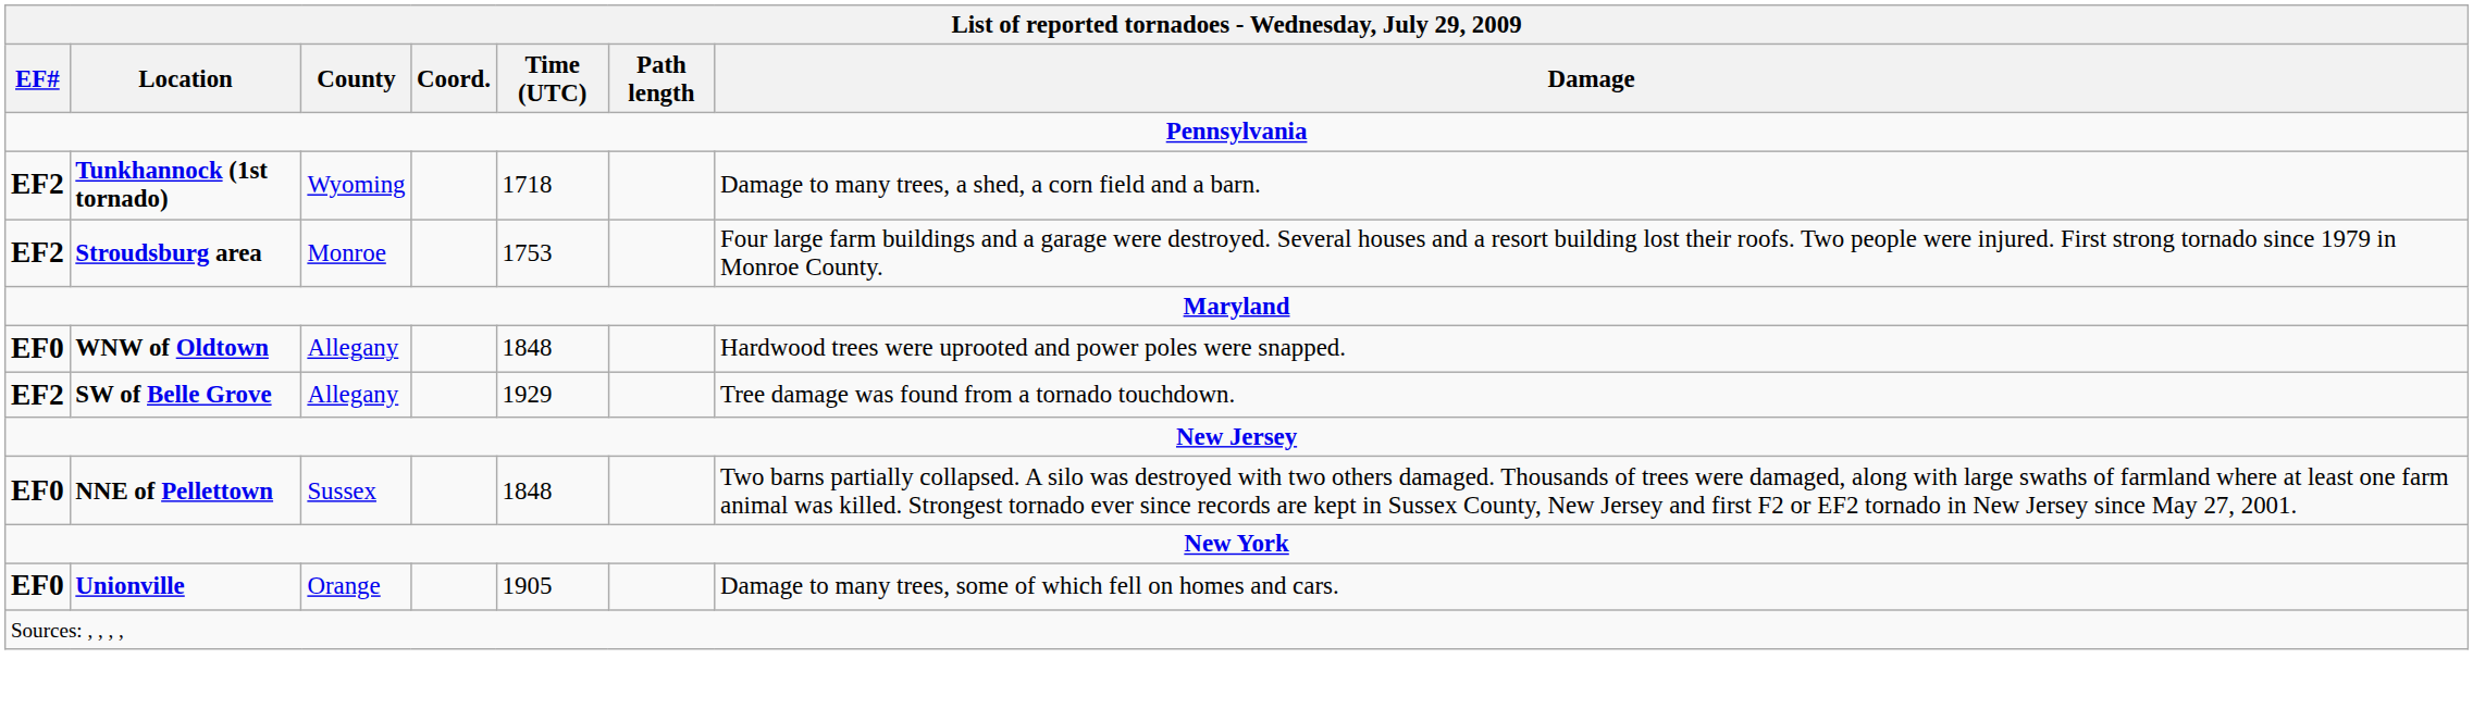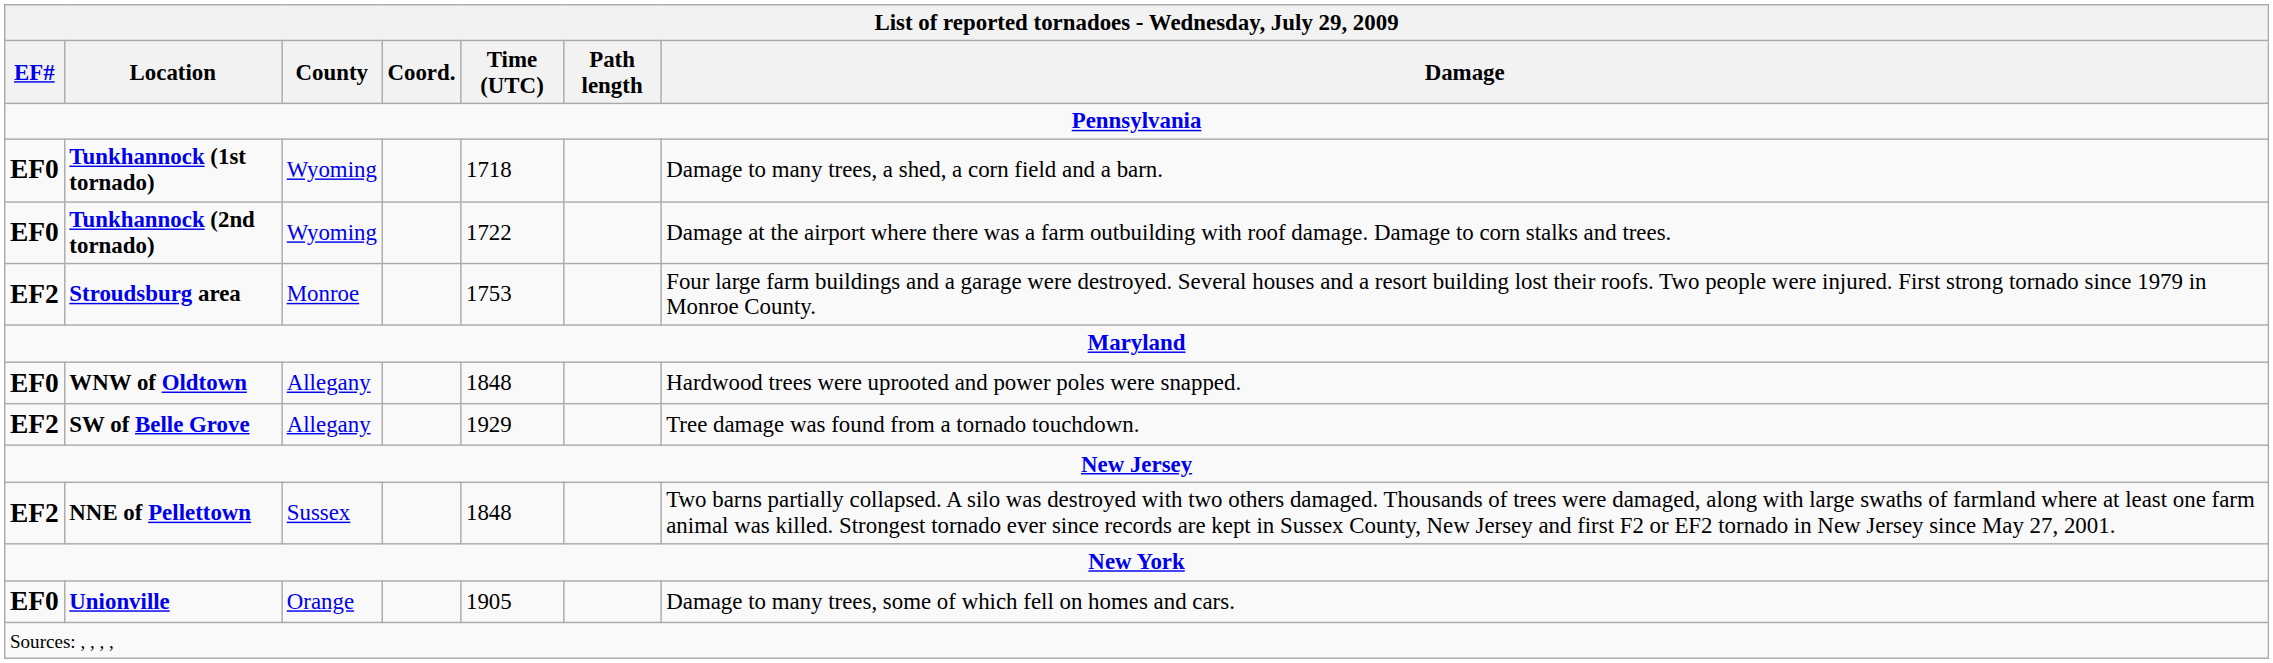 <table class="wikitable collapsible" style="width:100%;">
 <tr>
 <th colspan="7">List of reported tornadoes - Wednesday, July 29, 2009</th>
 </tr>
 <tr>
 <th><a href='#'>EF#</a></th>
 <th>Location</th>
 <th>County</th>
 <th>Coord.</th>
 <th>Time (UTC)</th>
 <th>Path length</th>
 <th>Damage</th>
 </tr>
 <tr>
 <td colspan="7" style="text-align:center;"><strong><a href='#'>Pennsylvania</a></strong></td>
 </tr>
 <tr>
-<td><big><strong>EF2</strong></big></td>
+<td><big><strong>EF0</strong></big></td>
 <td><strong><a href='#'>Tunkhannock</a> (1st tornado)</strong></td>
 <td><a href='#'>Wyoming</a></td>
 <td></td>
 <td>1718</td>
 <td></td>
 <td>Damage to many trees, a shed, a corn field and a barn.</td>
+</tr>
+<tr>
+<td><big><strong>EF0</strong></big></td>
+<td><strong><a href='#'>Tunkhannock</a> (2nd tornado)</strong></td>
+<td><a href='#'>Wyoming</a></td>
+<td></td>
+<td>1722</td>
+<td></td>
+<td>Damage at the airport where there was a farm outbuilding with roof damage. Damage to corn stalks and trees.</td>
 </tr>
 <tr>
 <td><big><strong>EF2</strong></big></td>
 <td><strong><a href='#'>Stroudsburg</a> area</strong></td>
 <td><a href='#'>Monroe</a></td>
 <td></td>
 <td>1753</td>
 <td></td>
 <td>Four large farm buildings and a garage were destroyed. Several houses and a resort building lost their roofs. Two people were injured. First strong tornado since 1979 in Monroe County.</td>
 </tr>
 <tr>
 <td colspan="7" style="text-align:center;"><strong><a href='#'>Maryland</a></strong></td>
 </tr>
 <tr>
 <td><big><strong>EF0</strong></big></td>
 <td><strong>WNW of <a href='#'>Oldtown</a></strong></td>
 <td><a href='#'>Allegany</a></td>
 <td></td>
 <td>1848</td>
 <td></td>
 <td>Hardwood trees were uprooted and power poles were snapped.</td>
 </tr>
 <tr>
 <td><big><strong>EF2</strong></big></td>
 <td><strong>SW of <a href='#'>Belle Grove</a></strong></td>
 <td><a href='#'>Allegany</a></td>
 <td></td>
 <td>1929</td>
 <td></td>
 <td>Tree damage was found from a tornado touchdown.</td>
 </tr>
 <tr>
 <td colspan="7" style="text-align:center;"><strong><a href='#'>New Jersey</a></strong></td>
 </tr>
 <tr>
-<td><big><strong>EF0</strong></big></td>
+<td><big><strong>EF2</strong></big></td>
 <td><strong>NNE of <a href='#'>Pellettown</a></strong></td>
 <td><a href='#'>Sussex</a></td>
 <td></td>
 <td>1848</td>
 <td></td>
 <td>Two barns partially collapsed. A silo was destroyed with two others damaged. Thousands of trees were damaged, along with large swaths of farmland where at least one farm animal was killed. Strongest tornado ever since records are kept in Sussex County, New Jersey and first F2 or EF2 tornado in New Jersey since May 27, 2001.</td>
 </tr>
 <tr>
 <td colspan="7" style="text-align:center;"><strong><a href='#'>New York</a></strong></td>
 </tr>
 <tr>
 <td><big><strong>EF0</strong></big></td>
 <td><strong><a href='#'>Unionville</a></strong></td>
 <td><a href='#'>Orange</a></td>
 <td></td>
 <td>1905</td>
 <td></td>
 <td>Damage to many trees, some of which fell on homes and cars.</td>
 </tr>
 <tr>
 <td colspan="7"><small>Sources: , , , , </small></td>
 </tr>
 </table>
